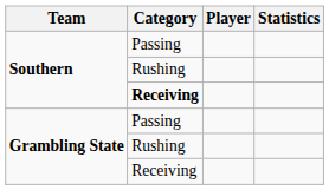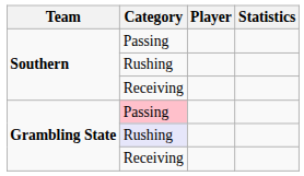 <table class="wikitable" style="float: right;">
 <tr>
 <th>Team</th>
 <th>Category</th>
 <th>Player</th>
 <th>Statistics</th>
 </tr>
 <tr>
 <td rowspan=3><strong>Southern</strong></td>
 <td>Passing</td>
 <td></td>
 <td></td>
 </tr>
 <tr>
 <td>Rushing</td>
 <td></td>
 <td></td>
 </tr>
 <tr>
-<td><strong>Receiving</strong></td>
+<td>Receiving</td>
 <td></td>
 <td></td>
 </tr>
 <tr>
 <td rowspan=3><strong>Grambling State</strong></td>
-<td>Passing</td>
+<td style="background: pink;">Passing</td>
 <td></td>
 <td></td>
 </tr>
 <tr>
-<td>Rushing</td>
+<td style="background: lavender;">Rushing</td>
 <td></td>
 <td></td>
 </tr>
 <tr>
 <td>Receiving</td>
 <td></td>
 <td></td>
 </tr>
 </table>
